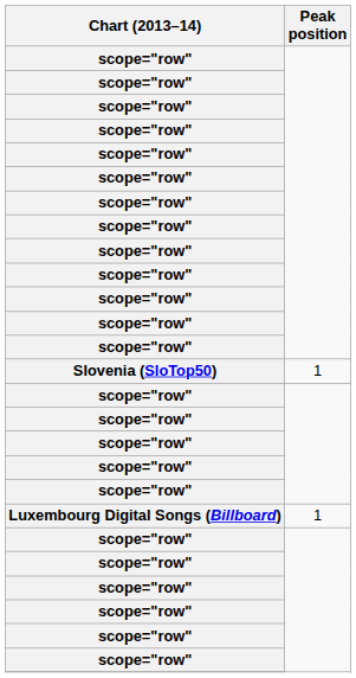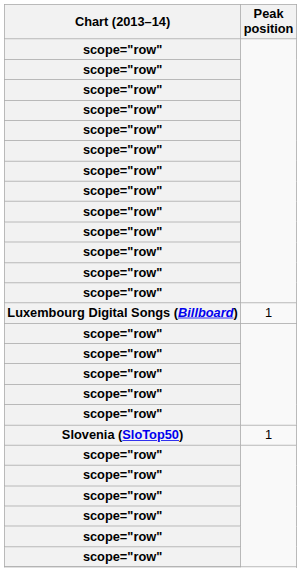 <table class="wikitable sortable plainrowheaders" style="text-align:center;">
 <tr>
 <th scope="col">Chart (2013–14)</th>
 <th scope="col">Peak<br>position</th>
 </tr>
 <tr>
 <th>scope="row" </th>
 </tr>
 <tr>
 <th>scope="row" </th>
 </tr>
 <tr>
 <th>scope="row" </th>
 </tr>
 <tr>
 <th>scope="row" </th>
 </tr>
 <tr>
 <th>scope="row" </th>
 </tr>
 <tr>
 <th>scope="row" </th>
 </tr>
 <tr>
 <th>scope="row" </th>
 </tr>
 <tr>
 <th>scope="row" </th>
 </tr>
 <tr>
 <th>scope="row" </th>
 </tr>
 <tr>
 <th>scope="row" </th>
 </tr>
 <tr>
 <th>scope="row" </th>
 </tr>
 <tr>
 <th>scope="row" </th>
 </tr>
 <tr>
 <th>scope="row" </th>
 </tr>
 <tr>
-<th scope="row">Slovenia (<a href='#'>SloTop50</a>)</th>
-<td align=center>1</td>
+<th scope="row">Luxembourg Digital Songs (<em><a href='#'>Billboard</a></em>)</th>
+<td style="text-align:center;">1</td>
 </tr>
 <tr>
 <th>scope="row" </th>
 </tr>
 <tr>
 <th>scope="row" </th>
 </tr>
 <tr>
 <th>scope="row" </th>
 </tr>
 <tr>
 <th>scope="row" </th>
 </tr>
 <tr>
 <th>scope="row" </th>
 </tr>
 <tr>
-<th scope="row">Luxembourg Digital Songs (<em><a href='#'>Billboard</a></em>)</th>
-<td style="text-align:center;">1</td>
+<th scope="row">Slovenia (<a href='#'>SloTop50</a>)</th>
+<td align=center>1</td>
 </tr>
 <tr>
 <th>scope="row" </th>
 </tr>
 <tr>
 <th>scope="row" </th>
 </tr>
 <tr>
 <th>scope="row" </th>
 </tr>
 <tr>
 <th>scope="row" </th>
 </tr>
 <tr>
 <th>scope="row" </th>
 </tr>
 <tr>
 <th>scope="row" </th>
 </tr>
 <tr>
 </tr>
 </table>
